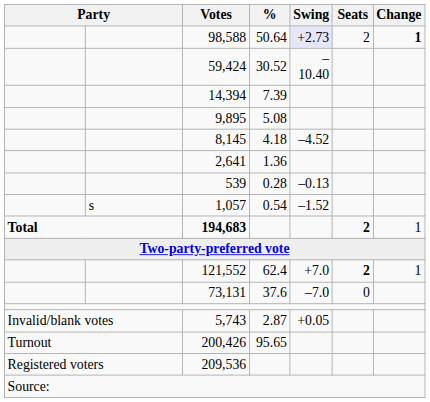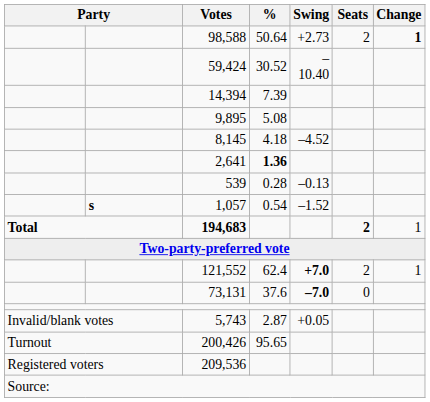 <table class="wikitable">
 <tr>
 <th style="width:200px" colspan=2><strong>Party</strong></th>
 <th style="width:70px; text-align:center;"><strong>Votes</strong></th>
 <th style="width:40px; text-align:center;"><strong>%</strong></th>
 <th style="width:40px; text-align:center;"><strong>Swing</strong></th>
 <th style="width:40px; text-align:center;"><strong>Seats</strong></th>
 <th style="width:40px; text-align:center;"><strong>Change</strong></th>
 </tr>
 <tr>
 <td> </td>
 <td></td>
 <td align=right>98,588</td>
 <td align=right>50.64</td>
-<td align=right style="background: lavender;">+2.73</td>
+<td align=right>+2.73</td>
 <td align=right>2</td>
 <td align=right><strong> 1</strong></td>
 </tr>
 <tr>
 <td> </td>
 <td></td>
 <td align=right>59,424</td>
 <td align=right>30.52</td>
 <td align=right>–10.40</td>
 <td align=right></td>
 <td align=right></td>
 </tr>
 <tr>
 <td> </td>
 <td></td>
 <td align=right>14,394</td>
 <td align=right>7.39</td>
 <td align=right></td>
 <td align=right></td>
 <td align=right></td>
 </tr>
 <tr>
 <td> </td>
 <td></td>
 <td align=right>9,895</td>
 <td align=right>5.08</td>
 <td align=right></td>
 <td align=right></td>
 <td align=right></td>
 </tr>
 <tr>
 <td> </td>
 <td></td>
 <td align=right>8,145</td>
 <td align=right>4.18</td>
 <td align=right>–4.52</td>
 <td align=right></td>
 <td align=right></td>
 </tr>
 <tr>
 <td> </td>
 <td></td>
 <td align=right>2,641</td>
-<td align=right>1.36</td>
+<td align=right><strong>1.36</strong></td>
 <td align=right></td>
 <td align=right></td>
 <td align=right></td>
 </tr>
 <tr>
 <td> </td>
 <td></td>
 <td align=right>539</td>
 <td align=right>0.28</td>
 <td align=right>–0.13</td>
 <td align=right></td>
 <td align=right></td>
 </tr>
 <tr>
 <td> </td>
-<td>s</td>
+<td><strong>s</strong></td>
 <td align=right>1,057</td>
 <td align=right>0.54</td>
 <td align=right>–1.52</td>
 <td align=right></td>
 <td align=right></td>
 </tr>
 <tr>
 <td colspan=2 align="left"><strong>Total</strong></td>
 <td align=right><strong>194,683</strong></td>
 <td align=right></td>
 <td align=right></td>
 <td align=right><strong>2</strong></td>
 <td align=right> 1</td>
 </tr>
 <tr>
 <td colspan=7 style="text-align:center; background:#eee;"><strong><a href='#'>Two-party-preferred vote</a></strong></td>
 </tr>
 <tr>
 <td> </td>
 <td></td>
 <td align=right>121,552</td>
 <td align=right>62.4</td>
-<td align=right>+7.0</td>
-<td align=right><strong>2</strong></td>
+<td align=right><strong>+7.0</strong></td>
+<td align=right>2</td>
 <td align=right> 1</td>
 </tr>
 <tr>
 <td> </td>
 <td></td>
 <td align=right>73,131</td>
 <td align=right>37.6</td>
-<td align=right>–7.0</td>
+<td align=right><strong>–7.0</strong></td>
 <td align=right>0</td>
 <td align=right></td>
 </tr>
 <tr>
 <td colspan=7></td>
 </tr>
 <tr>
 <td colspan=2 style="text-align:left;">Invalid/blank votes</td>
 <td align=right>5,743</td>
 <td align=right>2.87</td>
 <td align=right>+0.05</td>
 <td></td>
 <td></td>
 </tr>
 <tr>
 <td colspan=2 style="text-align:left;">Turnout</td>
 <td align=right>200,426</td>
 <td align=right>95.65</td>
 <td></td>
 <td></td>
 <td></td>
 </tr>
 <tr>
 <td colspan=2 style="text-align:left;">Registered voters</td>
 <td align=right>209,536</td>
 <td></td>
 <td></td>
 <td></td>
 <td></td>
 </tr>
 <tr>
 <td colspan="8" align="left">Source: </td>
 </tr>
 </table>
